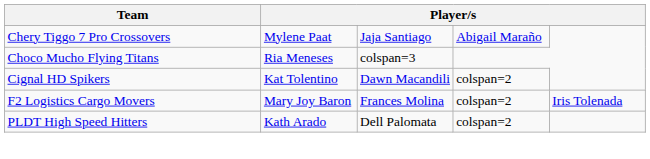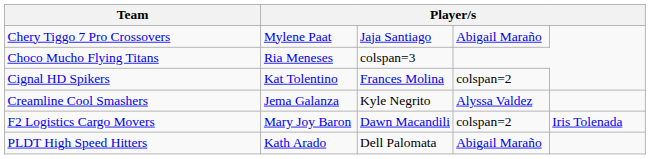 <table class="wikitable"; font-size:85%; text-align:left">
 <tr>
 <th width=40%>Team</th>
 <th colspan=4 width=60%>Player/s</th>
 </tr>
 <tr>
 <td><a href='#'>Chery Tiggo 7 Pro Crossovers</a></td>
 <td><a href='#'>Mylene Paat</a></td>
 <td><a href='#'>Jaja Santiago</a></td>
 <td width=15%><a href='#'>Abigail Maraño</a></td>
 </tr>
 <tr>
 <td><a href='#'>Choco Mucho Flying Titans</a></td>
 <td><a href='#'>Ria Meneses</a></td>
 <td>colspan=3</td>
 </tr>
 <tr>
 <td><a href='#'>Cignal HD Spikers</a></td>
 <td><a href='#'>Kat Tolentino</a></td>
-<td width=15%><a href='#'>Dawn Macandili</a></td>
+<td><a href='#'>Frances Molina</a></td>
 <td>colspan=2</td>
+</tr>
+<tr>
+<td><a href='#'>Creamline Cool Smashers</a></td>
+<td><a href='#'>Jema Galanza</a></td>
+<td>Kyle Negrito</td>
+<td><a href='#'>Alyssa Valdez</a></td>
+<td></td>
 </tr>
 <tr>
 <td><a href='#'>F2 Logistics Cargo Movers</a></td>
 <td width=15%><a href='#'>Mary Joy Baron</a></td>
-<td><a href='#'>Frances Molina</a></td>
+<td width=15%><a href='#'>Dawn Macandili</a></td>
 <td>colspan=2</td>
 <td width=15%><a href='#'>Iris Tolenada</a></td>
 </tr>
 <tr>
 <td><a href='#'>PLDT High Speed Hitters</a></td>
 <td><a href='#'>Kath Arado</a></td>
 <td>Dell Palomata</td>
-<td>colspan=2</td>
+<td width=15%><a href='#'>Abigail Maraño</a></td>
 </tr>
 </table>
